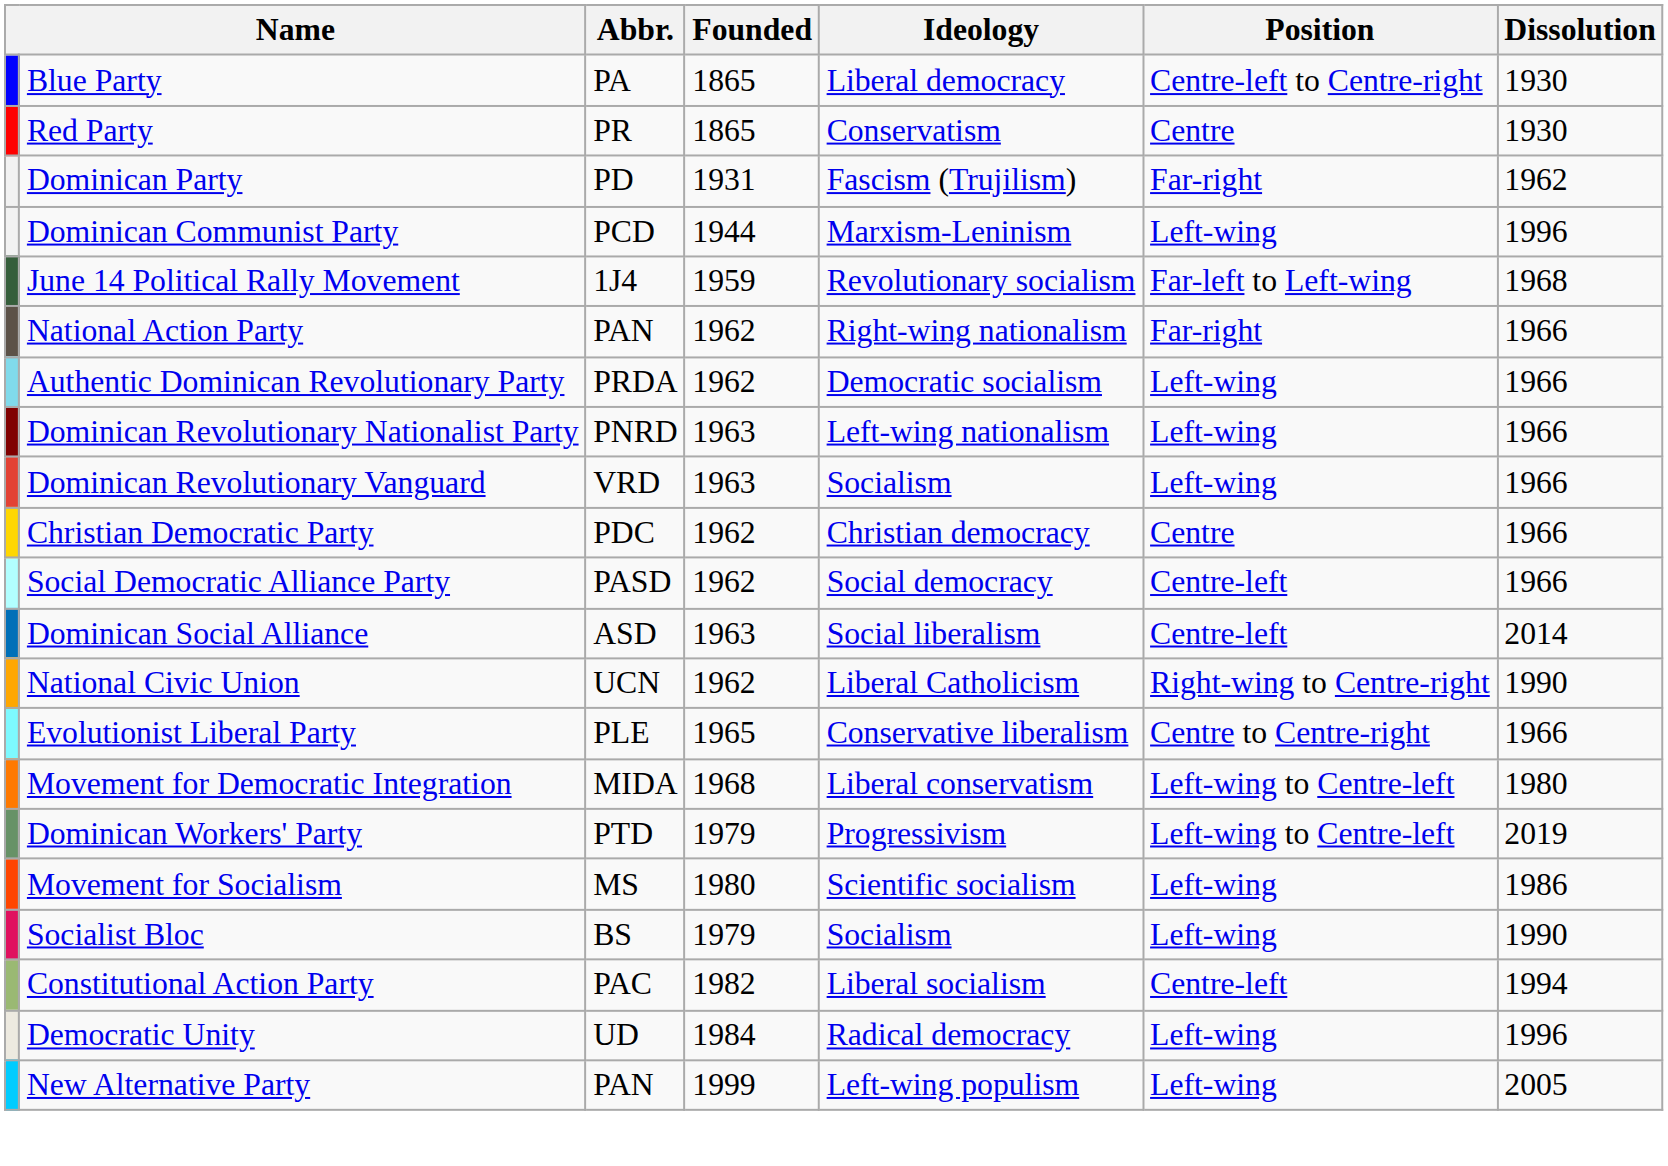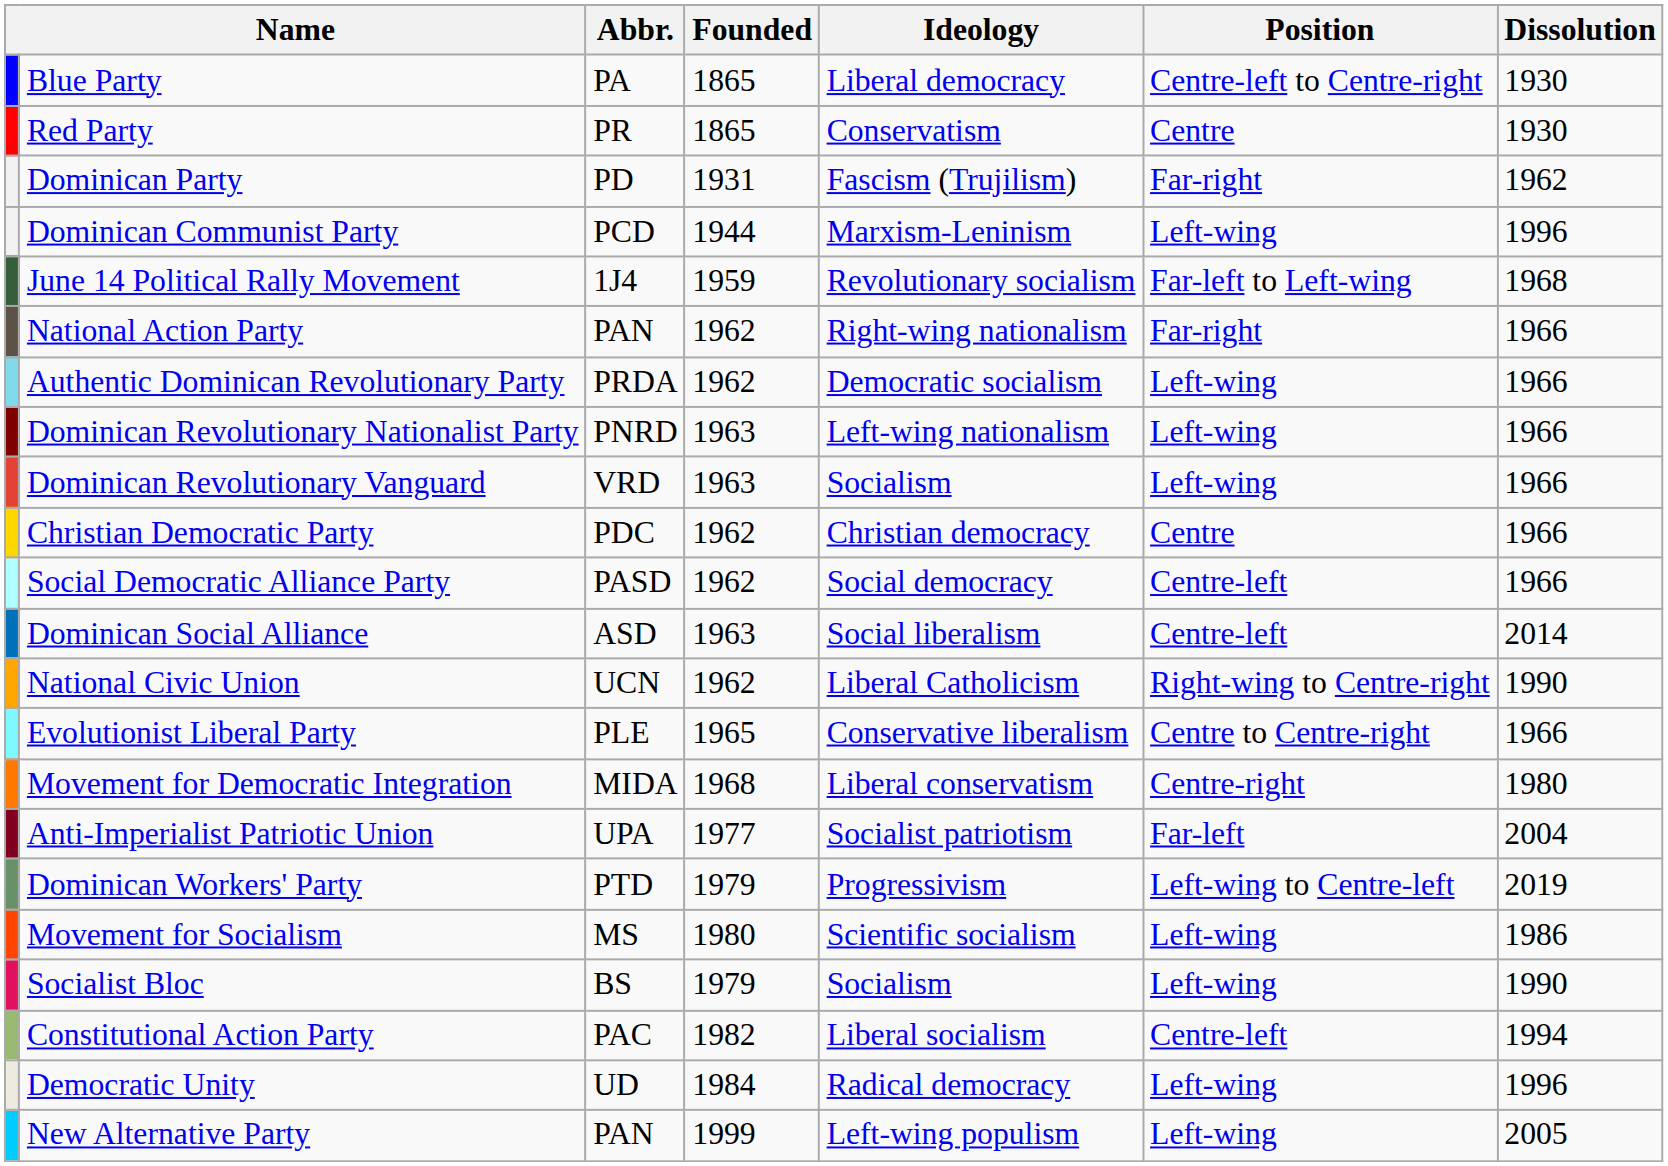 <table class="wikitable sortable">
 <tr>
 <th Colspan="2">Name</th>
 <th>Abbr.</th>
 <th>Founded</th>
 <th>Ideology</th>
 <th>Position</th>
 <th>Dissolution</th>
 </tr>
 <tr>
 <th style="background-color: #0000FF"></th>
 <td><a href='#'>Blue Party</a><br></td>
 <td>PA</td>
 <td>1865</td>
 <td><a href='#'>Liberal democracy</a></td>
 <td><a href='#'>Centre-left</a> to <a href='#'>Centre-right</a></td>
 <td>1930</td>
 </tr>
 <tr>
 <th style="background-color: #FF0000"></th>
 <td><a href='#'>Red Party</a><br></td>
 <td>PR</td>
 <td>1865</td>
 <td><a href='#'>Conservatism</a></td>
 <td><a href='#'>Centre</a></td>
 <td>1930</td>
 </tr>
 <tr>
 <th style="background-color: "></th>
 <td><a href='#'>Dominican Party</a><br></td>
 <td>PD</td>
 <td>1931</td>
 <td><a href='#'>Fascism</a> (<a href='#'>Trujilism</a>)</td>
 <td><a href='#'>Far-right</a></td>
 <td>1962</td>
 </tr>
 <tr>
 <th style="background-color: "></th>
 <td><a href='#'>Dominican Communist Party</a><br></td>
 <td>PCD</td>
 <td>1944</td>
 <td><a href='#'>Marxism-Leninism</a></td>
 <td><a href='#'>Left-wing</a></td>
 <td>1996</td>
 </tr>
 <tr>
 <th style="background-color: #355E3B"></th>
 <td><a href='#'>June 14 Political Rally Movement</a><br></td>
 <td>1J4</td>
 <td>1959</td>
 <td><a href='#'>Revolutionary socialism</a></td>
 <td><a href='#'>Far-left</a> to <a href='#'>Left-wing</a></td>
 <td>1968</td>
 </tr>
 <tr>
 <th style="background-color: #5C5248"></th>
 <td><a href='#'>National Action Party</a><br></td>
 <td>PAN</td>
 <td>1962</td>
 <td><a href='#'>Right-wing nationalism</a></td>
 <td><a href='#'>Far-right</a></td>
 <td>1966</td>
 </tr>
 <tr>
 <th style="background-color:#80DAEB"></th>
 <td><a href='#'>Authentic Dominican Revolutionary Party</a><br></td>
 <td>PRDA</td>
 <td>1962</td>
 <td><a href='#'>Democratic socialism</a></td>
 <td><a href='#'>Left-wing</a></td>
 <td>1966</td>
 </tr>
 <tr>
 <th style="background-color:#800000"></th>
 <td><a href='#'>Dominican Revolutionary Nationalist Party</a><br></td>
 <td>PNRD</td>
 <td>1963</td>
 <td><a href='#'>Left-wing nationalism</a></td>
 <td><a href='#'>Left-wing</a></td>
 <td>1966</td>
 </tr>
 <tr>
 <th style="background-color:#E34234"></th>
 <td><a href='#'>Dominican Revolutionary Vanguard</a><br></td>
 <td>VRD</td>
 <td>1963</td>
 <td><a href='#'>Socialism</a></td>
 <td><a href='#'>Left-wing</a></td>
 <td>1966</td>
 </tr>
 <tr>
 <th style="background-color:#FFD700"></th>
 <td><a href='#'>Christian Democratic Party</a><br></td>
 <td>PDC</td>
 <td>1962</td>
 <td><a href='#'>Christian democracy</a></td>
 <td><a href='#'>Centre</a></td>
 <td>1966</td>
 </tr>
 <tr>
 <th style="background-color:#B2FFFF"></th>
 <td><a href='#'>Social Democratic Alliance Party</a><br></td>
 <td>PASD</td>
 <td>1962</td>
 <td><a href='#'>Social democracy</a></td>
 <td><a href='#'>Centre-left</a></td>
 <td>1966</td>
 </tr>
 <tr>
 <th style="background-color:#0070B8"></th>
 <td><a href='#'>Dominican Social Alliance</a><br></td>
 <td>ASD</td>
 <td>1963</td>
 <td><a href='#'>Social liberalism</a></td>
 <td><a href='#'>Centre-left</a></td>
 <td>2014</td>
 </tr>
 <tr>
 <th style="background-color:#FFA700"></th>
 <td><a href='#'>National Civic Union</a><br></td>
 <td>UCN</td>
 <td>1962</td>
 <td><a href='#'>Liberal Catholicism</a></td>
 <td><a href='#'>Right-wing</a> to <a href='#'>Centre-right</a></td>
 <td>1990</td>
 </tr>
 <tr>
 <th style="background-color:#7DF9FF"></th>
 <td><a href='#'>Evolutionist Liberal Party</a><br></td>
 <td>PLE</td>
 <td>1965</td>
 <td><a href='#'>Conservative liberalism</a></td>
 <td><a href='#'>Centre</a> to <a href='#'>Centre-right</a></td>
 <td>1966</td>
 </tr>
 <tr>
 <th style="background-color:#FF7900"></th>
 <td><a href='#'>Movement for Democratic Integration</a><br></td>
 <td>MIDA</td>
 <td>1968</td>
 <td><a href='#'>Liberal conservatism</a></td>
-<td><a href='#'>Left-wing</a> to <a href='#'>Centre-left</a></td>
+<td><a href='#'>Centre-right</a></td>
 <td>1980</td>
+</tr>
+<tr>
+<td style="background-color: #800020"></td>
+<td><a href='#'>Anti-Imperialist Patriotic Union</a><br></td>
+<td>UPA</td>
+<td>1977</td>
+<td><a href='#'>Socialist patriotism</a></td>
+<td><a href='#'>Far-left</a></td>
+<td>2004</td>
 </tr>
 <tr>
 <td style="background-color: #679267"></td>
 <td><a href='#'>Dominican Workers' Party</a><br></td>
 <td>PTD</td>
 <td>1979</td>
 <td><a href='#'>Progressivism</a></td>
 <td><a href='#'>Left-wing</a> to <a href='#'>Centre-left</a></td>
 <td>2019</td>
 </tr>
 <tr>
 <th style="background-color: #FF4500"></th>
 <td><a href='#'>Movement for Socialism</a><br></td>
 <td>MS</td>
 <td>1980</td>
 <td><a href='#'>Scientific socialism</a></td>
 <td><a href='#'>Left-wing</a></td>
 <td>1986</td>
 </tr>
 <tr>
 <th style="background-color: #E0115F"></th>
 <td><a href='#'>Socialist Bloc</a><br></td>
 <td>BS</td>
 <td>1979</td>
 <td><a href='#'>Socialism</a></td>
 <td><a href='#'>Left-wing</a></td>
 <td>1990</td>
 </tr>
 <tr>
 <th style="background-color: #9AB973"></th>
 <td><a href='#'>Constitutional Action Party</a><br></td>
 <td>PAC</td>
 <td>1982</td>
 <td><a href='#'>Liberal socialism</a></td>
 <td><a href='#'>Centre-left</a></td>
 <td>1994</td>
 </tr>
 <tr>
 <th style="background-color: #EDEAE0"></th>
 <td><a href='#'>Democratic Unity</a><br></td>
 <td>UD</td>
 <td>1984</td>
 <td><a href='#'>Radical democracy</a></td>
 <td><a href='#'>Left-wing</a></td>
 <td>1996</td>
 </tr>
 <tr>
 <th style="background-color: #00CCFF"></th>
 <td><a href='#'>New Alternative Party</a><br></td>
 <td>PAN</td>
 <td>1999</td>
 <td><a href='#'>Left-wing populism</a></td>
 <td><a href='#'>Left-wing</a></td>
 <td>2005</td>
 </tr>
 </table>
